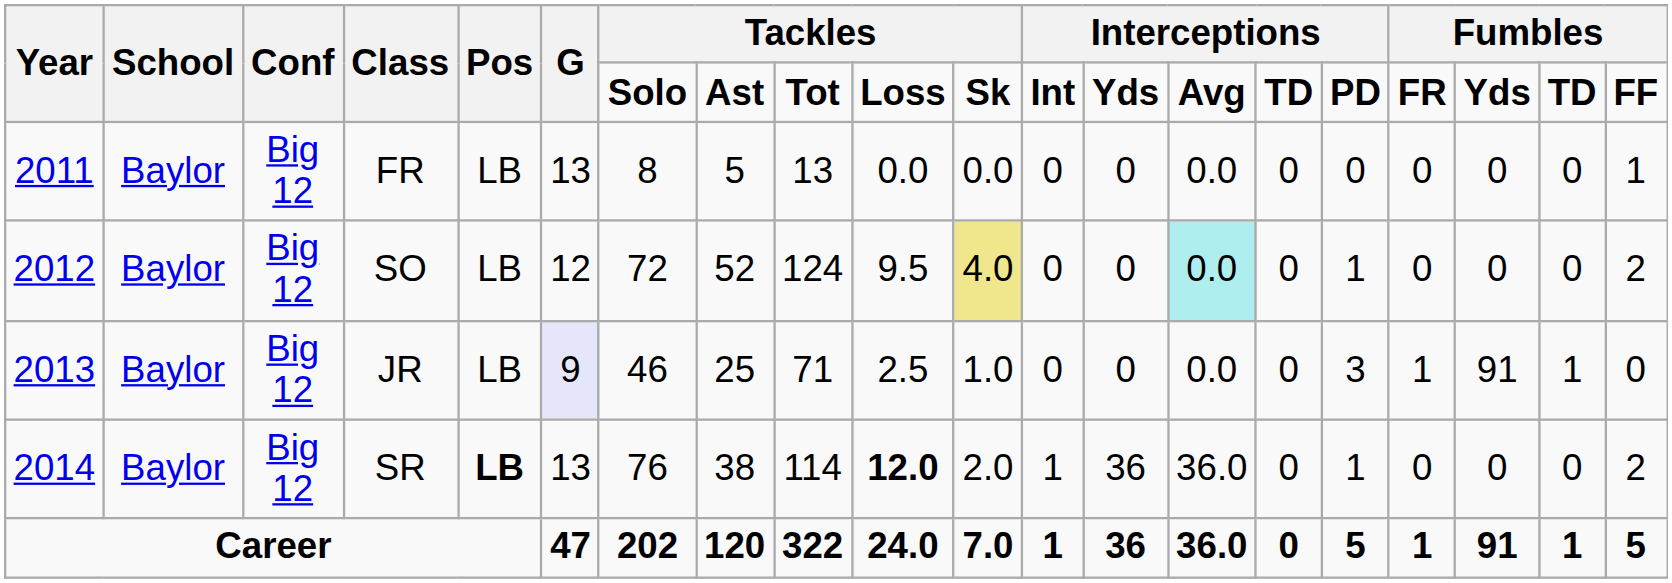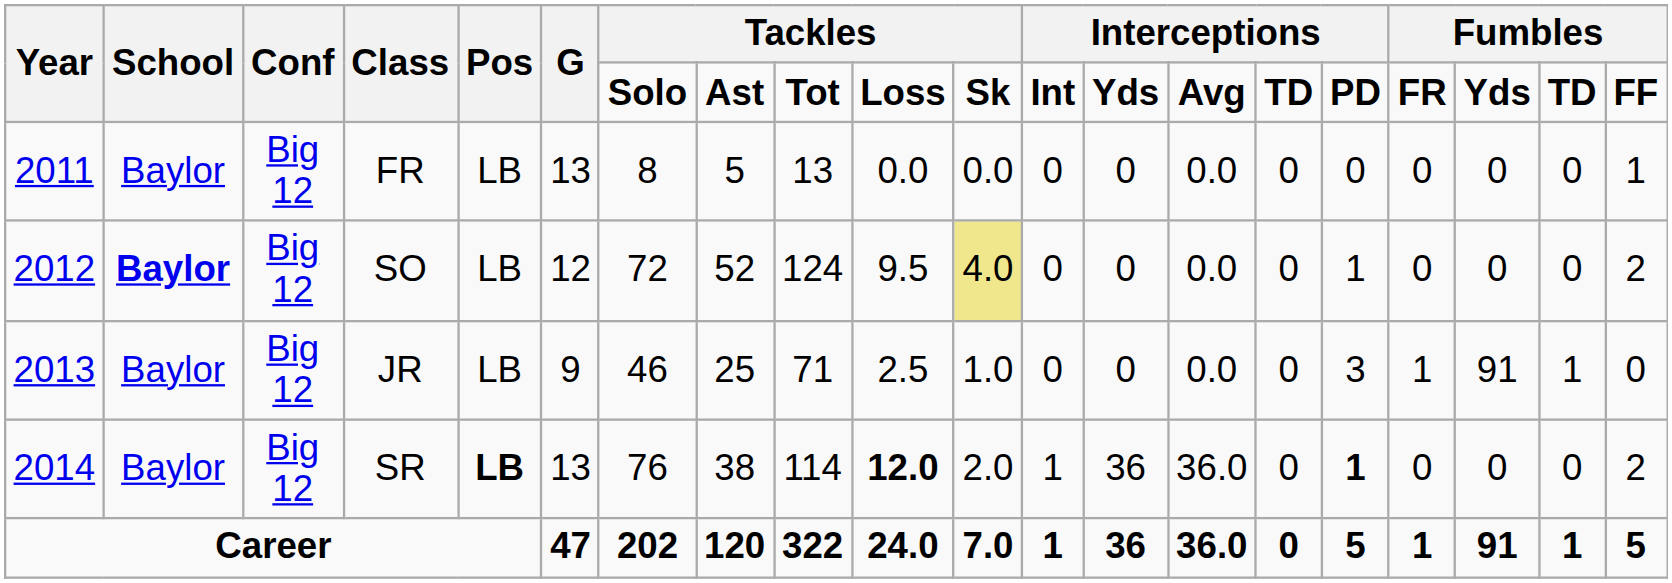 <table class="wikitable" style="text-align: center;">
 <tr>
 <th rowspan="2">Year</th>
 <th rowspan="2">School</th>
 <th rowspan="2">Conf</th>
 <th rowspan="2">Class</th>
 <th rowspan="2">Pos</th>
 <th rowspan="2">G</th>
 <th colspan="5" style="text-align: center; font-weight:bold;">Tackles</th>
 <th colspan="5" style="text-align: center; font-weight:bold;">Interceptions</th>
 <th colspan="4" style="text-align: center; font-weight:bold;">Fumbles</th>
 </tr>
 <tr>
 <td style="font-weight:bold;">Solo</td>
 <td style="font-weight:bold;">Ast</td>
 <td style="font-weight:bold;">Tot</td>
 <td style="font-weight:bold;">Loss</td>
 <td style="font-weight:bold;">Sk</td>
 <td style="font-weight:bold;">Int</td>
 <td style="font-weight:bold;">Yds</td>
 <td style="font-weight:bold;">Avg</td>
 <td style="font-weight:bold;">TD</td>
 <td style="font-weight:bold;">PD</td>
 <td style="font-weight:bold;">FR</td>
 <td style="font-weight:bold;">Yds</td>
 <td style="font-weight:bold;">TD</td>
 <td style="font-weight:bold;">FF</td>
 </tr>
 <tr>
 <td><a href='#'>2011</a></td>
 <td><a href='#'>Baylor</a></td>
 <td><a href='#'>Big 12</a></td>
 <td>FR</td>
 <td>LB</td>
 <td>13</td>
 <td>8</td>
 <td>5</td>
 <td>13</td>
 <td>0.0</td>
 <td>0.0</td>
 <td>0</td>
 <td>0</td>
 <td>0.0</td>
 <td>0</td>
 <td>0</td>
 <td>0</td>
 <td>0</td>
 <td>0</td>
 <td>1</td>
 </tr>
 <tr>
 <td><a href='#'>2012</a></td>
-<td><a href='#'>Baylor</a></td>
+<td><strong><a href='#'>Baylor</a></strong></td>
 <td><a href='#'>Big 12</a></td>
 <td>SO</td>
 <td>LB</td>
 <td>12</td>
 <td>72</td>
 <td>52</td>
 <td>124</td>
 <td>9.5</td>
 <td style="background: khaki;">4.0</td>
 <td>0</td>
 <td>0</td>
-<td style="background: paleturquoise;">0.0</td>
+<td>0.0</td>
 <td>0</td>
 <td>1</td>
 <td>0</td>
 <td>0</td>
 <td>0</td>
 <td>2</td>
 </tr>
 <tr>
 <td><a href='#'>2013</a></td>
 <td><a href='#'>Baylor</a></td>
 <td><a href='#'>Big 12</a></td>
 <td>JR</td>
 <td>LB</td>
-<td style="background: lavender;">9</td>
+<td>9</td>
 <td>46</td>
 <td>25</td>
 <td>71</td>
 <td>2.5</td>
 <td>1.0</td>
 <td>0</td>
 <td>0</td>
 <td>0.0</td>
 <td>0</td>
 <td>3</td>
 <td>1</td>
 <td>91</td>
 <td>1</td>
 <td>0</td>
 </tr>
 <tr>
 <td><a href='#'>2014</a></td>
 <td><a href='#'>Baylor</a></td>
 <td><a href='#'>Big 12</a></td>
 <td>SR</td>
 <td><strong>LB</strong></td>
 <td>13</td>
 <td>76</td>
 <td>38</td>
 <td>114</td>
 <td><strong>12.0</strong></td>
 <td>2.0</td>
 <td>1</td>
 <td>36</td>
 <td>36.0</td>
 <td>0</td>
-<td>1</td>
+<td><strong>1</strong></td>
 <td>0</td>
 <td>0</td>
 <td>0</td>
 <td>2</td>
 </tr>
 <tr>
 <td style="font-weight:bold;" colspan=5>Career</td>
 <td style="font-weight:bold;">47</td>
 <td style="font-weight:bold;">202</td>
 <td style="font-weight:bold;">120</td>
 <td style="font-weight:bold;">322</td>
 <td style="font-weight:bold;">24.0</td>
 <td style="font-weight:bold;">7.0</td>
 <td style="font-weight:bold;">1</td>
 <td style="font-weight:bold;">36</td>
 <td style="font-weight:bold;">36.0</td>
 <td style="font-weight:bold;">0</td>
 <td style="font-weight:bold;">5</td>
 <td style="font-weight:bold;">1</td>
 <td style="font-weight:bold;">91</td>
 <td style="font-weight:bold;">1</td>
 <td style="font-weight:bold;">5</td>
 </tr>
 </table>
